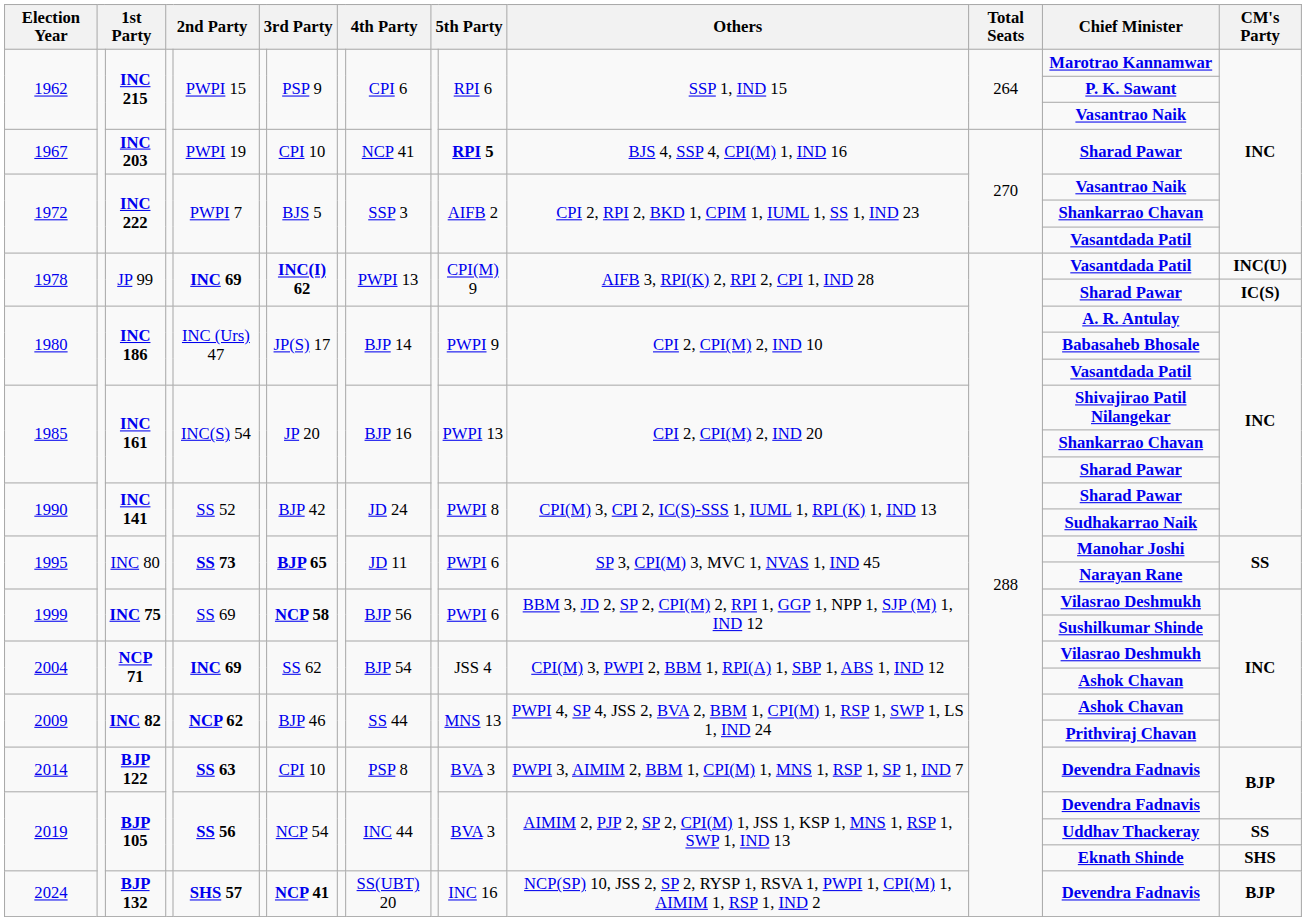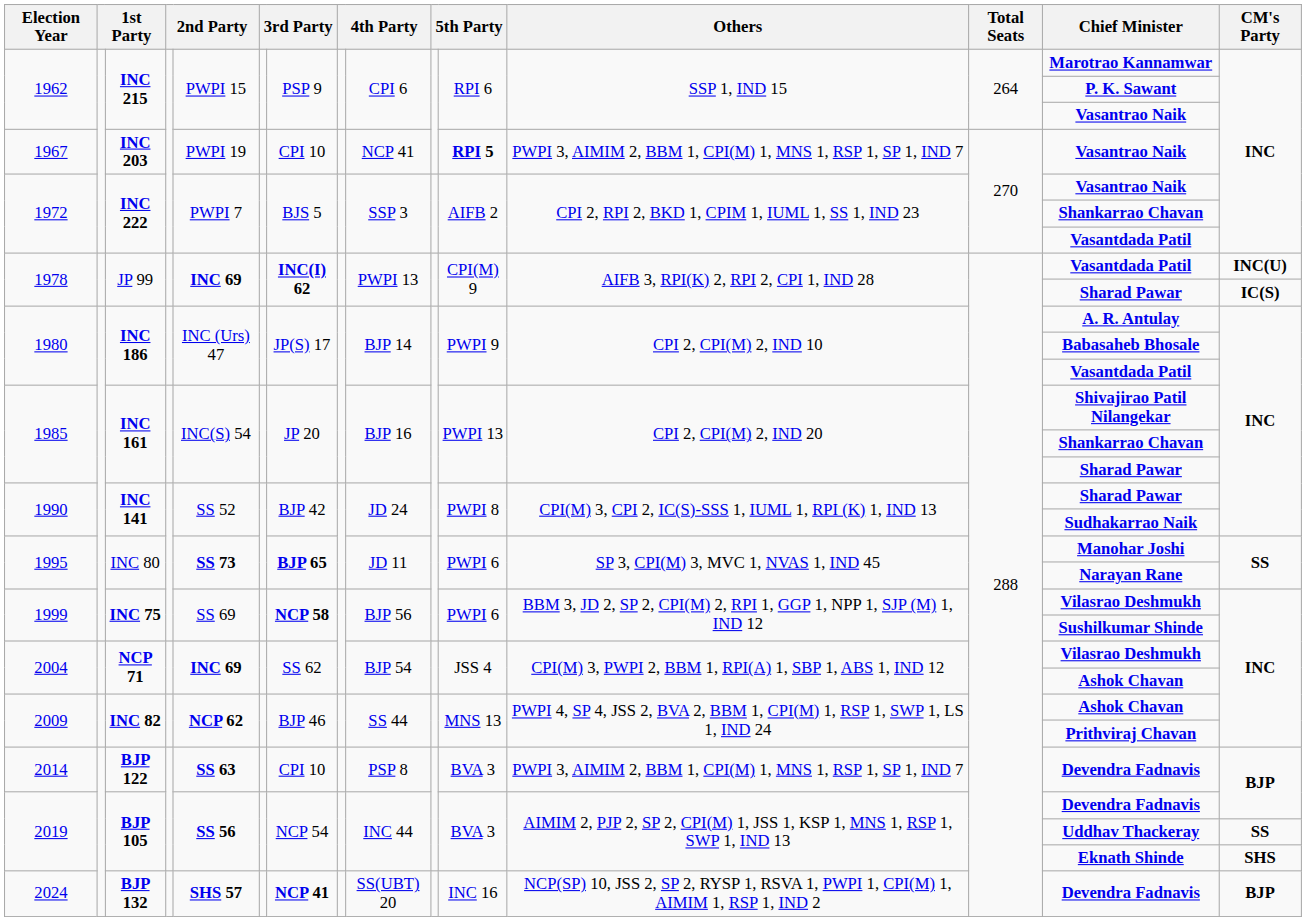 <table class="wikitable" style="text-align:center">
 <tr>
 <th>Election Year</th>
 <th colspan="2">1st Party</th>
 <th colspan="2">2nd Party</th>
 <th colspan="2">3rd Party</th>
 <th colspan="2">4th Party</th>
 <th colspan="2">5th Party</th>
 <th>Others</th>
 <th>Total Seats</th>
 <th>Chief Minister</th>
 <th>CM's Party</th>
 </tr>
 <tr>
 <td rowspan=3><a href='#'>1962</a></td>
 <td rowspan=7 style="background-color: "></td>
 <td rowspan=3><strong><a href='#'>INC</a> 215</strong></td>
 <td rowspan=7 style="background-color: "></td>
 <td rowspan=3><a href='#'>PWPI</a> 15</td>
 <td rowspan=3 style="background-color: "></td>
 <td rowspan=3><a href='#'>PSP</a> 9</td>
 <td rowspan=3 style="background-color: "></td>
 <td rowspan=3><a href='#'>CPI</a> 6</td>
 <td rowspan=4 style="background-color: "></td>
 <td rowspan=3><a href='#'>RPI</a> 6</td>
 <td rowspan=3><a href='#'>SSP</a> 1, <a href='#'>IND</a> 15</td>
 <td rowspan=3>264</td>
 <td><strong><a href='#'>Marotrao Kannamwar</a></strong></td>
 <td rowspan=7 style="background:"><strong>INC</strong></td>
 </tr>
 <tr>
 <td><strong><a href='#'>P. K. Sawant</a></strong></td>
 </tr>
 <tr>
 <td><strong><a href='#'>Vasantrao Naik</a></strong></td>
 </tr>
 <tr>
 <td><a href='#'>1967</a></td>
 <td><strong><a href='#'>INC</a> 203</strong></td>
 <td><a href='#'>PWPI</a> 19</td>
 <td style="background-color: "></td>
 <td><a href='#'>CPI</a> 10</td>
 <td style="background-color: "></td>
 <td><a href='#'>NCP</a> 41</td>
 <td><strong><a href='#'>RPI</a> 5</strong></td>
-<td><a href='#'>BJS</a> 4, <a href='#'>SSP</a> 4, <a href='#'>CPI(M)</a> 1, <a href='#'>IND</a> 16</td>
+<td><a href='#'>PWPI</a> 3, <a href='#'>AIMIM</a> 2, <a href='#'>BBM</a> 1, <a href='#'>CPI(M)</a> 1, <a href='#'>MNS</a> 1, <a href='#'>RSP</a> 1, <a href='#'>SP</a> 1, <a href='#'>IND</a> 7</td>
 <td rowspan=4>270</td>
-<td><strong><a href='#'>Sharad Pawar</a></strong></td>
+<td><strong><a href='#'>Vasantrao Naik</a></strong></td>
 </tr>
 <tr>
 <td rowspan=3><a href='#'>1972</a></td>
 <td rowspan=3><strong><a href='#'>INC</a> 222</strong></td>
 <td rowspan=3><a href='#'>PWPI</a> 7</td>
 <td rowspan=3 style="background-color: "></td>
 <td rowspan=3><a href='#'>BJS</a> 5</td>
 <td rowspan=3 style="background-color: "></td>
 <td rowspan=3><a href='#'>SSP</a> 3</td>
 <td rowspan=3 style="background-color: "></td>
 <td rowspan=3><a href='#'>AIFB</a> 2</td>
 <td rowspan=3><a href='#'>CPI</a> 2, <a href='#'>RPI</a> 2, <a href='#'>BKD</a> 1, <a href='#'>CPIM</a> 1, <a href='#'>IUML</a> 1, <a href='#'>SS</a> 1, <a href='#'>IND</a> 23</td>
 <td><strong><a href='#'>Vasantrao Naik</a></strong></td>
 </tr>
 <tr>
 <td><strong><a href='#'>Shankarrao Chavan</a></strong></td>
 </tr>
 <tr>
 <td><strong><a href='#'>Vasantdada Patil</a></strong></td>
 </tr>
 <tr>
 <td rowspan=2><a href='#'>1978</a></td>
 <td rowspan=2 style="background-color: "></td>
 <td rowspan=2><a href='#'>JP</a> 99</td>
 <td rowspan=2 style="background-color: "></td>
 <td rowspan=2><strong><a href='#'>INC</a> 69</strong></td>
 <td rowspan=2 style="background-color: "></td>
 <td rowspan=2><strong><a href='#'>INC(I)</a> 62</strong></td>
 <td rowspan=2 style="background-color: "></td>
 <td rowspan=2><a href='#'>PWPI</a> 13</td>
 <td rowspan=2 style="background-color: "></td>
 <td rowspan=2><a href='#'>CPI(M)</a> 9</td>
 <td rowspan=2><a href='#'>AIFB</a> 3, <a href='#'>RPI(K)</a> 2, <a href='#'>RPI</a> 2, <a href='#'>CPI</a> 1, <a href='#'>IND</a> 28</td>
 <td rowspan=25>288</td>
 <td><strong><a href='#'>Vasantdada Patil</a></strong></td>
 <td style="background:"><strong>INC(U)</strong></td>
 </tr>
 <tr>
 <td><strong><a href='#'>Sharad Pawar</a></strong></td>
 <td style="background:"><strong>IC(S)</strong></td>
 </tr>
 <tr>
 <td rowspan=3><a href='#'>1980</a></td>
 <td rowspan=12 style="background-color: "></td>
 <td rowspan=3><strong><a href='#'>INC</a> 186</strong></td>
 <td rowspan=3 style="background-color: "></td>
 <td rowspan=3><a href='#'>INC (Urs)</a> 47</td>
 <td rowspan=3 style="background-color: "></td>
 <td rowspan=3><a href='#'>JP(S)</a> 17</td>
 <td rowspan=6 style="background-color: "></td>
 <td rowspan=3><a href='#'>BJP</a> 14</td>
 <td rowspan=12 style="background-color: "></td>
 <td rowspan=3><a href='#'>PWPI</a> 9</td>
 <td rowspan=3><a href='#'>CPI</a> 2, <a href='#'>CPI(M)</a> 2, <a href='#'>IND</a> 10</td>
 <td><strong><a href='#'>A. R. Antulay</a></strong></td>
 <td rowspan=8 style="background:"><strong>INC</strong></td>
 </tr>
 <tr>
 <td><strong><a href='#'>Babasaheb Bhosale</a></strong></td>
 </tr>
 <tr>
 <td><strong><a href='#'>Vasantdada Patil</a></strong></td>
 </tr>
 <tr>
 <td rowspan=3><a href='#'>1985</a></td>
 <td rowspan=3><strong><a href='#'>INC</a> 161</strong></td>
 <td rowspan=3 style="background-color: "></td>
 <td rowspan=3><a href='#'>INC(S)</a> 54</td>
 <td rowspan=3 style="background-color: "></td>
 <td rowspan=3><a href='#'>JP</a> 20</td>
 <td rowspan=3><a href='#'>BJP</a> 16</td>
 <td rowspan=3><a href='#'>PWPI</a> 13</td>
 <td rowspan=3><a href='#'>CPI</a> 2, <a href='#'>CPI(M)</a> 2, <a href='#'>IND</a> 20</td>
 <td><strong><a href='#'>Shivajirao Patil Nilangekar</a></strong></td>
 </tr>
 <tr>
 <td><strong><a href='#'>Shankarrao Chavan</a></strong></td>
 </tr>
 <tr>
 <td><strong><a href='#'>Sharad Pawar</a></strong></td>
 </tr>
 <tr>
 <td rowspan=2><a href='#'>1990</a></td>
 <td rowspan=2><strong><a href='#'>INC</a> 141</strong></td>
 <td rowspan=6 style="background-color: "></td>
 <td rowspan=2><a href='#'>SS</a> 52</td>
 <td rowspan=4 style="background-color: "></td>
 <td rowspan=2><a href='#'>BJP</a> 42</td>
 <td rowspan=4 style="background-color: "></td>
 <td rowspan=2><a href='#'>JD</a> 24</td>
 <td rowspan=2><a href='#'>PWPI</a> 8</td>
 <td rowspan=2><a href='#'>CPI(M)</a> 3, <a href='#'>CPI</a> 2, <a href='#'>IC(S)-SSS</a> 1, <a href='#'>IUML</a> 1, <a href='#'>RPI (K)</a> 1, <a href='#'>IND</a> 13</td>
 <td><strong><a href='#'>Sharad Pawar</a></strong></td>
 </tr>
 <tr>
 <td><strong><a href='#'>Sudhakarrao Naik</a></strong></td>
 </tr>
 <tr>
 <td rowspan=2><a href='#'>1995</a></td>
 <td rowspan=2><a href='#'>INC</a> 80</td>
 <td rowspan=2><strong><a href='#'>SS</a> 73</strong></td>
 <td rowspan=2><strong><a href='#'>BJP</a> 65</strong></td>
 <td rowspan=2><a href='#'>JD</a> 11</td>
 <td rowspan=2><a href='#'>PWPI</a> 6</td>
 <td rowspan=2><a href='#'>SP</a> 3, <a href='#'>CPI(M)</a> 3, MVC 1, <a href='#'>NVAS</a> 1, <a href='#'>IND</a> 45</td>
 <td><strong><a href='#'>Manohar Joshi</a></strong></td>
 <td rowspan=2 style="background:"><strong>SS</strong></td>
 </tr>
 <tr>
 <td><strong><a href='#'>Narayan Rane</a></strong></td>
 </tr>
 <tr>
 <td rowspan=2><a href='#'>1999</a></td>
 <td rowspan=2><strong><a href='#'>INC</a> 75</strong></td>
 <td rowspan=2><a href='#'>SS</a> 69</td>
 <td rowspan=2 style="background-color: "></td>
 <td rowspan=2><strong><a href='#'>NCP</a> 58</strong></td>
 <td rowspan=4 style="background-color: "></td>
 <td rowspan=2><a href='#'>BJP</a> 56</td>
 <td rowspan=2><a href='#'>PWPI</a> 6</td>
 <td rowspan=2><a href='#'>BBM</a> 3, <a href='#'>JD</a> 2, <a href='#'>SP</a> 2, <a href='#'>CPI(M)</a> 2, <a href='#'>RPI</a> 1, <a href='#'>GGP</a> 1, NPP 1, <a href='#'>SJP (M)</a> 1, <a href='#'>IND</a> 12</td>
 <td><strong><a href='#'>Vilasrao Deshmukh</a></strong></td>
 <td rowspan=6 style="background:"><strong>INC</strong></td>
 </tr>
 <tr>
 <td><strong><a href='#'>Sushilkumar Shinde</a></strong></td>
 </tr>
 <tr>
 <td rowspan=2><a href='#'>2004</a></td>
 <td rowspan=2 style="background-color: "></td>
 <td rowspan=2><strong><a href='#'>NCP</a> 71</strong></td>
 <td rowspan=2 style="background-color: "></td>
 <td rowspan=2><strong><a href='#'>INC</a> 69</strong></td>
 <td rowspan=2 style="background-color: "></td>
 <td rowspan=2><a href='#'>SS</a> 62</td>
 <td rowspan=2><a href='#'>BJP</a> 54</td>
 <td rowspan=2 style="background-color: "></td>
 <td rowspan=2>JSS 4</td>
 <td rowspan=2><a href='#'>CPI(M)</a> 3, <a href='#'>PWPI</a> 2, <a href='#'>BBM</a> 1, <a href='#'>RPI(A)</a> 1, <a href='#'>SBP</a> 1, <a href='#'>ABS</a> 1, <a href='#'>IND</a> 12</td>
 <td><strong><a href='#'>Vilasrao Deshmukh</a></strong></td>
 </tr>
 <tr>
 <td><strong><a href='#'>Ashok Chavan</a></strong></td>
 </tr>
 <tr>
 <td rowspan=2><a href='#'>2009</a></td>
 <td rowspan=2 style="background-color: "></td>
 <td rowspan=2><strong><a href='#'>INC</a> 82</strong></td>
 <td rowspan=2 style="background-color: "></td>
 <td rowspan=2><strong><a href='#'>NCP</a> 62</strong></td>
 <td rowspan=2 style="background-color: "></td>
 <td rowspan=2><a href='#'>BJP</a> 46</td>
 <td rowspan=2 style="background-color: "></td>
 <td rowspan=2><a href='#'>SS</a> 44</td>
 <td rowspan=2 style="background-color: "></td>
 <td rowspan=2><a href='#'>MNS</a> 13</td>
 <td rowspan=2><a href='#'>PWPI</a> 4, <a href='#'>SP</a> 4, JSS 2, <a href='#'>BVA</a> 2, <a href='#'>BBM</a> 1, <a href='#'>CPI(M)</a> 1, <a href='#'>RSP</a> 1, <a href='#'>SWP</a> 1, LS 1, <a href='#'>IND</a> 24</td>
 <td><strong><a href='#'>Ashok Chavan</a></strong></td>
 </tr>
 <tr>
 <td><strong><a href='#'>Prithviraj Chavan</a></strong></td>
 </tr>
 <tr>
 <td><a href='#'>2014</a></td>
 <td rowspan=5 style="background-color: "></td>
 <td><strong><a href='#'>BJP</a> 122</strong></td>
 <td rowspan=4 style="background-color: "></td>
 <td><strong><a href='#'>SS</a> 63</strong></td>
 <td style="background-color: "></td>
 <td><a href='#'>CPI</a> 10</td>
 <td style="background-color: "></td>
 <td><a href='#'>PSP</a> 8</td>
 <td rowspan=4 style="background-color: "></td>
 <td><a href='#'>BVA</a> 3</td>
 <td><a href='#'>PWPI</a> 3, <a href='#'>AIMIM</a> 2, <a href='#'>BBM</a> 1, <a href='#'>CPI(M)</a> 1, <a href='#'>MNS</a> 1, <a href='#'>RSP</a> 1, <a href='#'>SP</a> 1, <a href='#'>IND</a> 7</td>
 <td><strong><a href='#'>Devendra Fadnavis</a></strong></td>
 <td rowspan=2 style="background:"><strong>BJP</strong></td>
 </tr>
 <tr>
 <td rowspan=3><a href='#'>2019</a></td>
 <td rowspan=3><strong><a href='#'>BJP</a> 105</strong></td>
 <td rowspan=3><strong><a href='#'>SS</a> 56</strong></td>
 <td rowspan=3 style="background-color: "></td>
 <td rowspan=3><a href='#'>NCP</a> 54</td>
 <td rowspan=3 style="background-color: "></td>
 <td rowspan=3><a href='#'>INC</a> 44</td>
 <td rowspan=3><a href='#'>BVA</a> 3</td>
 <td rowspan=3><a href='#'>AIMIM</a> 2, <a href='#'>PJP</a> 2, <a href='#'>SP</a> 2, <a href='#'>CPI(M)</a> 1, JSS 1, KSP 1, <a href='#'>MNS</a> 1, <a href='#'>RSP</a> 1, <a href='#'>SWP</a> 1, <a href='#'>IND</a> 13</td>
 <td><strong><a href='#'>Devendra Fadnavis</a></strong></td>
 </tr>
 <tr>
 <td><strong><a href='#'>Uddhav Thackeray</a></strong></td>
 <td style="background:"><strong>SS</strong></td>
 </tr>
 <tr>
 <td><strong><a href='#'>Eknath Shinde</a></strong></td>
 <td style="background:"><strong>SHS</strong></td>
 </tr>
 <tr>
 <td rowspan=3><a href='#'>2024</a></td>
 <td rowspan=3><strong><a href='#'>BJP</a> 132</strong></td>
 <td style="background-color: "></td>
 <td rowspan=3><strong><a href='#'>SHS</a> 57</strong></td>
 <td style="background-color: "></td>
 <td rowspan=3><strong><a href='#'>NCP</a> 41</strong></td>
 <td style="background-color: "></td>
 <td rowspan=3><a href='#'>SS(UBT)</a> 20</td>
 <td style="background-color: "></td>
 <td rowspan=3><a href='#'>INC</a> 16</td>
 <td rowspan=3><a href='#'>NCP(SP)</a> 10, JSS 2, <a href='#'>SP</a> 2, RYSP 1, RSVA 1, <a href='#'>PWPI</a> 1, <a href='#'>CPI(M)</a> 1, <a href='#'>AIMIM</a> 1, <a href='#'>RSP</a> 1, <a href='#'>IND</a> 2</td>
 <td><strong><a href='#'>Devendra Fadnavis</a></strong></td>
 <td rowspan=2 style="background:"><strong>BJP</strong></td>
 </tr>
 </table>
